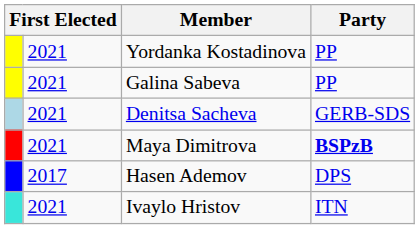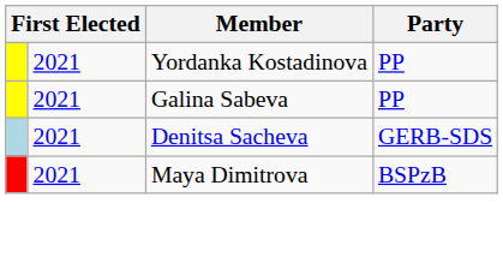 <table class="wikitable">
 <tr>
 <th colspan="2">First Elected</th>
 <th>Member</th>
 <th>Party</th>
 </tr>
 <tr>
 <td style="background-color: yellow"></td>
 <td><a href='#'>2021</a></td>
 <td>Yordanka Kostadinova</td>
 <td><a href='#'>PP</a></td>
 </tr>
 <tr>
 <td style="background-color: yellow"></td>
 <td><a href='#'>2021</a></td>
 <td>Galina Sabeva</td>
 <td><a href='#'>PP</a></td>
 </tr>
 <tr>
 <td style="background-color: lightblue"></td>
 <td><a href='#'>2021</a></td>
 <td><a href='#'>Denitsa Sacheva</a></td>
 <td><a href='#'>GERB-SDS</a></td>
 </tr>
 <tr>
 <td style="background-color: red"></td>
 <td><a href='#'>2021</a></td>
 <td>Maya Dimitrova</td>
-<td><strong><a href='#'>BSPzB</a></strong></td>
-</tr>
-<tr>
-<td style="background-color: blue"></td>
-<td><a href='#'>2017</a></td>
-<td>Hasen Ademov</td>
-<td><a href='#'>DPS</a></td>
-</tr>
-<tr>
-<td style="background-color: #39e6da"></td>
-<td><a href='#'>2021</a></td>
-<td>Ivaylo Hristov</td>
-<td><a href='#'>ITN</a></td>
+<td><a href='#'>BSPzB</a></td>
 </tr>
 </table>
